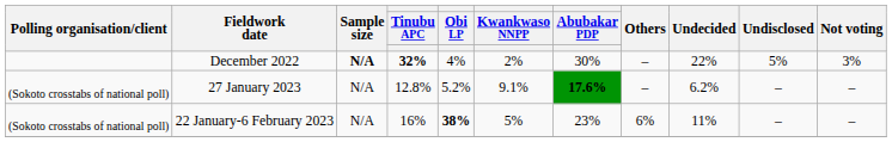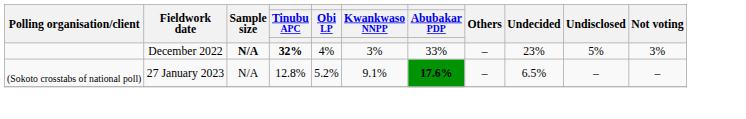 <table class="wikitable" style="text-align:center;font-size:95%;line-height:14px;">
 <tr>
 <th rowspan="3">Polling organisation/client</th>
 <th rowspan="3">Fieldwork<br>date</th>
 <th rowspan="3">Sample<br>size</th>
 <th></th>
 <th></th>
 <th></th>
 <th></th>
 <th rowspan="3">Others</th>
 <th rowspan="3">Undecided</th>
 <th rowspan="3">Undisclosed</th>
 <th rowspan="3">Not voting</th>
 </tr>
 <tr>
 <th><a href='#'>Tinubu</a><br><small><a href='#'>APC</a></small></th>
 <th><a href='#'>Obi</a><br><small><a href='#'>LP</a></small></th>
 <th><a href='#'>Kwankwaso</a><br><small><a href='#'>NNPP</a></small></th>
 <th><a href='#'>Abubakar</a><br><small><a href='#'>PDP</a></small></th>
 </tr>
 <tr>
 <th style="background:"></th>
 <th style="background:"></th>
 <th style="background:"></th>
 <th style="background:"></th>
 </tr>
 <tr>
 <td></td>
 <td>December 2022</td>
 <td><strong>N/A</strong></td>
 <td><strong>32%</strong></td>
 <td>4%</td>
-<td>2%</td>
-<td>30%</td>
+<td>3%</td>
+<td>33%</td>
 <td>–</td>
-<td>22%</td>
+<td>23%</td>
 <td>5%</td>
 <td>3%</td>
 </tr>
 <tr>
 <td><br><small>(Sokoto crosstabs of national poll)</small></td>
 <td>27 January 2023</td>
 <td>N/A</td>
 <td>12.8%</td>
 <td>5.2%</td>
 <td>9.1%</td>
 <td bgcolor=#009404><strong>17.6%</strong></td>
 <td>–</td>
-<td>6.2%</td>
-<td>–</td>
-<td>–</td>
-</tr>
-<tr>
-<td><br><small>(Sokoto crosstabs of national poll)</small></td>
-<td>22 January-6 February 2023</td>
-<td>N/A</td>
-<td>16%</td>
-<td><strong>38%</strong></td>
-<td>5%</td>
-<td>23%</td>
-<td>6%</td>
-<td>11%</td>
+<td>6.5%</td>
 <td>–</td>
 <td>–</td>
 </tr>
 <tr>
 </tr>
 </table>
